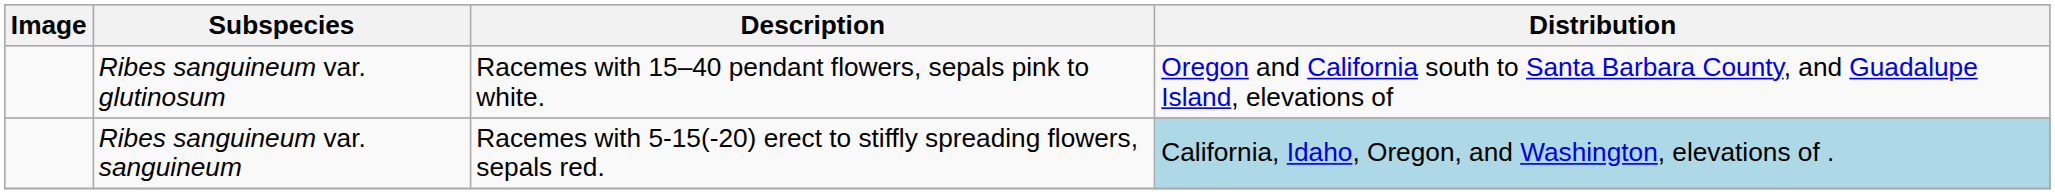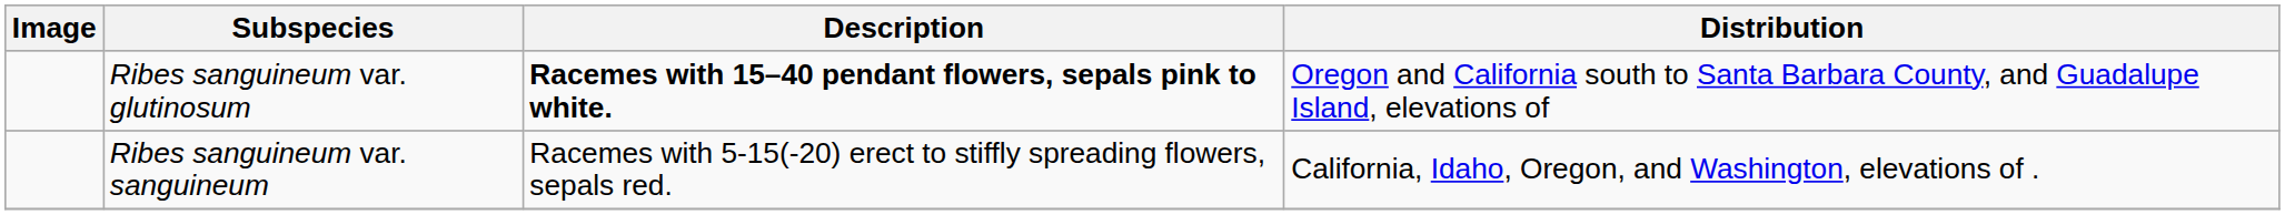 <table class="wikitable">
 <tr>
 <th>Image</th>
 <th>Subspecies</th>
 <th>Description</th>
 <th>Distribution</th>
 </tr>
 <tr>
 <td></td>
 <td><em>Ribes sanguineum</em> var. <em>glutinosum</em></td>
-<td>Racemes with 15–40 pendant flowers, sepals pink to white.</td>
+<td><strong>Racemes with 15–40 pendant flowers, sepals pink to white.</strong></td>
 <td><a href='#'>Oregon</a> and <a href='#'>California</a> south to <a href='#'>Santa Barbara County</a>, and <a href='#'>Guadalupe Island</a>, elevations of </td>
 </tr>
 <tr>
 <td></td>
 <td><em>Ribes sanguineum</em> var. <em>sanguineum</em></td>
 <td>Racemes with 5-15(-20) erect to stiffly spreading flowers, sepals red.</td>
-<td style="background: lightblue;">California, <a href='#'>Idaho</a>, Oregon, and <a href='#'>Washington</a>, elevations of .</td>
+<td>California, <a href='#'>Idaho</a>, Oregon, and <a href='#'>Washington</a>, elevations of .</td>
 </tr>
 <tr>
 </tr>
 </table>
